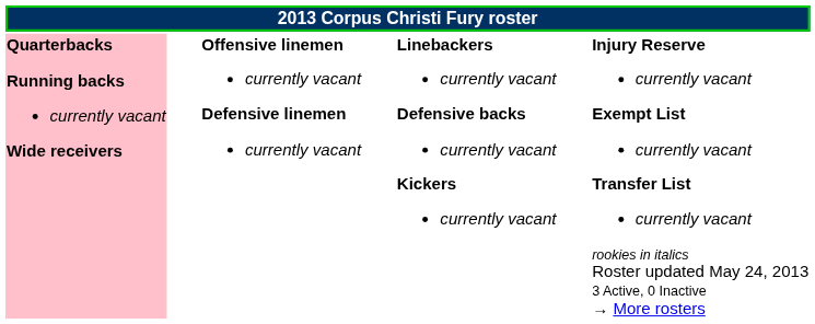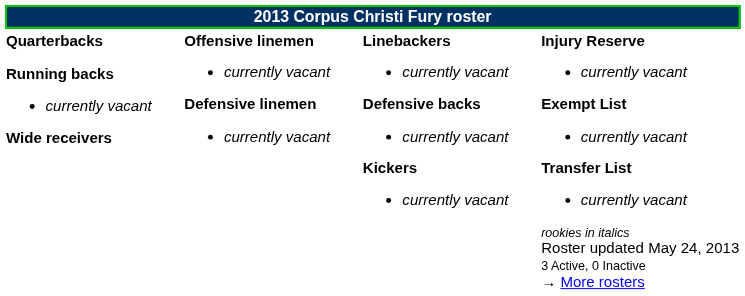 <table class="toccolours" style="text-align: left;">
 <tr>
 <th colspan="7" style="background:#003162; border:2px solid #00CD00; color:#FFFFFF; text-align:center;"><strong>2013 Corpus Christi Fury roster</strong></th>
 </tr>
 <tr>
-<td style="background: pink; font-size: 95%;" valign="top"><strong>Quarterbacks</strong><br><br><strong>Running backs</strong><ul><li><em>currently vacant</em></li></ul><strong>Wide receivers</strong>  </td>
+<td style="font-size: 95%;" valign="top"><strong>Quarterbacks</strong><br><br><strong>Running backs</strong><ul><li><em>currently vacant</em></li></ul><strong>Wide receivers</strong>  </td>
 <td style="width: 25px;"></td>
 <td style="font-size: 95%;" valign="top"><strong>Offensive linemen</strong><br><ul><li><em>currently vacant</em></li></ul><strong>Defensive linemen</strong><ul><li><em>currently vacant</em></li></ul></td>
 <td style="width: 25px;"></td>
 <td style="font-size: 95%;" valign="top"><strong>Linebackers</strong><br><ul><li><em>currently vacant</em></li></ul><strong>Defensive backs</strong><ul><li><em>currently vacant</em></li></ul><strong>Kickers</strong><ul><li><em>currently vacant</em></li></ul></td>
 <td style="width: 25px;"></td>
 <td style="font-size: 95%;" valign="top"><strong>Injury Reserve</strong><br><ul><li><em>currently vacant</em></li></ul><strong>Exempt List</strong><ul><li><em>currently vacant</em></li></ul><strong>Transfer List</strong><ul><li><em>currently vacant</em></li></ul><small><em>rookies in italics</em></small><br> Roster updated May 24, 2013<br> <small>3 Active, 0 Inactive</small><br>→ <a href='#'>More rosters</a></td>
 </tr>
 <tr>
 </tr>
 </table>
